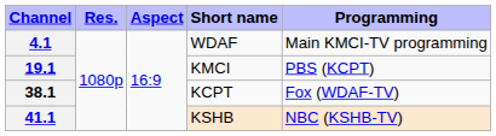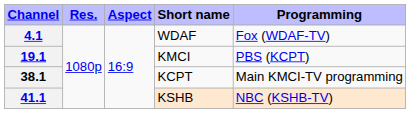 <table class="wikitable">
 <tr>
 <th style="background-color: #bdbdff" scope = "col"><a href='#'>Channel</a></th>
 <th style="background-color: #bdbdff" scope = "col"><a href='#'>Res.</a></th>
 <th style="background-color: #bdbdff" scope = "col"><a href='#'>Aspect</a></th>
 <th style="background-color: #bdbdff" scope = "col">Short name</th>
 <th style="background-color: #bdbdff" scope = "col">Programming</th>
 </tr>
 <tr>
 <th scope = "row"><a href='#'>4.1</a></th>
 <td rowspan=4><a href='#'>1080p</a></td>
 <td rowspan=4><a href='#'>16:9</a></td>
 <td>WDAF</td>
-<td>Main KMCI-TV programming</td>
+<td><a href='#'>Fox</a> (<a href='#'>WDAF-TV</a>)</td>
 </tr>
 <tr>
 <th scope = "row"><a href='#'>19.1</a></th>
 <td>KMCI</td>
 <td><a href='#'>PBS</a> (<a href='#'>KCPT</a>)</td>
 </tr>
 <tr>
 <th scope = "row">38.1</th>
 <td>KCPT</td>
-<td><a href='#'>Fox</a> (<a href='#'>WDAF-TV</a>)</td>
+<td>Main KMCI-TV programming</td>
 </tr>
 <tr>
 <th scope = "row"><a href='#'>41.1</a></th>
 <td style="background-color:#ffe8d0">KSHB</td>
 <td style="background-color:#ffe8d0"><a href='#'>NBC</a> (<a href='#'>KSHB-TV</a>) </td>
 </tr>
 </table>
